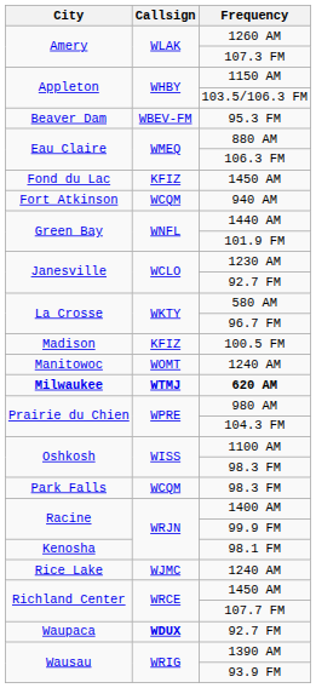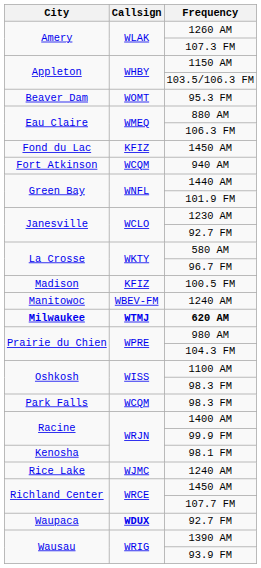 <table class="wikitable" style="text-align: center;">
 <tr>
 <th>City</th>
 <th>Callsign</th>
 <th>Frequency</th>
 </tr>
 <tr>
 <td rowspan=2><a href='#'>Amery</a></td>
 <td rowspan=2><a href='#'>WLAK</a></td>
 <td>1260 AM</td>
 </tr>
 <tr>
 <td>107.3 FM</td>
 </tr>
 <tr>
 <td rowspan=2><a href='#'>Appleton</a></td>
 <td rowspan=2><a href='#'>WHBY</a></td>
 <td>1150 AM</td>
 </tr>
 <tr>
 <td>103.5/106.3 FM</td>
 </tr>
 <tr>
 <td><a href='#'>Beaver Dam</a></td>
-<td><a href='#'>WBEV-FM</a></td>
+<td><a href='#'>WOMT</a></td>
 <td>95.3 FM</td>
 </tr>
 <tr>
 <td rowspan=2><a href='#'>Eau Claire</a></td>
 <td rowspan=2><a href='#'>WMEQ</a></td>
 <td>880 AM</td>
 </tr>
 <tr>
 <td>106.3 FM</td>
 </tr>
 <tr>
 <td><a href='#'>Fond du Lac</a></td>
 <td><a href='#'>KFIZ</a></td>
 <td>1450 AM</td>
 </tr>
 <tr>
 <td><a href='#'>Fort Atkinson</a></td>
 <td><a href='#'>WCQM</a></td>
 <td>940 AM</td>
 </tr>
 <tr>
 <td rowspan=2><a href='#'>Green Bay</a></td>
 <td rowspan=2><a href='#'>WNFL</a></td>
 <td>1440 AM</td>
 </tr>
 <tr>
 <td>101.9 FM</td>
 </tr>
 <tr>
 <td rowspan=2><a href='#'>Janesville</a></td>
 <td rowspan=2><a href='#'>WCLO</a></td>
 <td>1230 AM</td>
 </tr>
 <tr>
 <td>92.7 FM</td>
 </tr>
 <tr>
 <td rowspan=2><a href='#'>La Crosse</a></td>
 <td rowspan=2><a href='#'>WKTY</a></td>
 <td>580 AM</td>
 </tr>
 <tr>
 <td>96.7 FM</td>
 </tr>
 <tr>
 <td><a href='#'>Madison</a></td>
 <td><a href='#'>KFIZ</a></td>
 <td>100.5 FM</td>
 </tr>
 <tr>
 <td><a href='#'>Manitowoc</a></td>
-<td><a href='#'>WOMT</a></td>
+<td><a href='#'>WBEV-FM</a></td>
 <td>1240 AM</td>
 </tr>
 <tr>
 <td><strong><a href='#'>Milwaukee</a></strong></td>
 <td><strong><a href='#'>WTMJ</a></strong></td>
 <td><strong>620 AM</strong></td>
 </tr>
 <tr>
 <td rowspan=2><a href='#'>Prairie du Chien</a></td>
 <td rowspan=2><a href='#'>WPRE</a></td>
 <td>980 AM</td>
 </tr>
 <tr>
 <td>104.3 FM</td>
 </tr>
 <tr>
 <td rowspan=2><a href='#'>Oshkosh</a></td>
 <td rowspan=2><a href='#'>WISS</a></td>
 <td>1100 AM</td>
 </tr>
 <tr>
 <td>98.3 FM</td>
 </tr>
 <tr>
 <td><a href='#'>Park Falls</a></td>
 <td><a href='#'>WCQM</a></td>
 <td>98.3 FM</td>
 </tr>
 <tr>
 <td rowspan=2><a href='#'>Racine</a></td>
 <td rowspan=3><a href='#'>WRJN</a></td>
 <td>1400 AM</td>
 </tr>
 <tr>
 <td>99.9 FM</td>
 </tr>
 <tr>
 <td><a href='#'>Kenosha</a></td>
 <td>98.1 FM</td>
 </tr>
 <tr>
 <td><a href='#'>Rice Lake</a></td>
 <td><a href='#'>WJMC</a></td>
 <td>1240 AM</td>
 </tr>
 <tr>
 <td rowspan=2><a href='#'>Richland Center</a></td>
 <td rowspan=2><a href='#'>WRCE</a></td>
 <td>1450 AM</td>
 </tr>
 <tr>
 <td>107.7 FM</td>
 </tr>
 <tr>
 <td><a href='#'>Waupaca</a></td>
 <td><strong><a href='#'>WDUX</a></strong></td>
 <td>92.7 FM</td>
 </tr>
 <tr>
 <td rowspan=2><a href='#'>Wausau</a></td>
 <td rowspan=2><a href='#'>WRIG</a></td>
 <td>1390 AM</td>
 </tr>
 <tr>
 <td>93.9 FM</td>
 </tr>
 </table>
